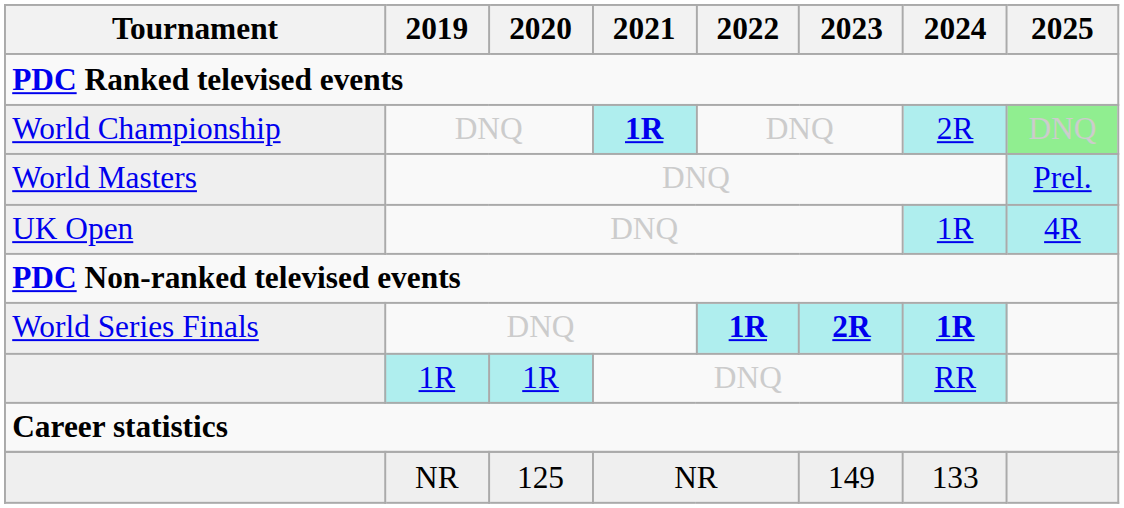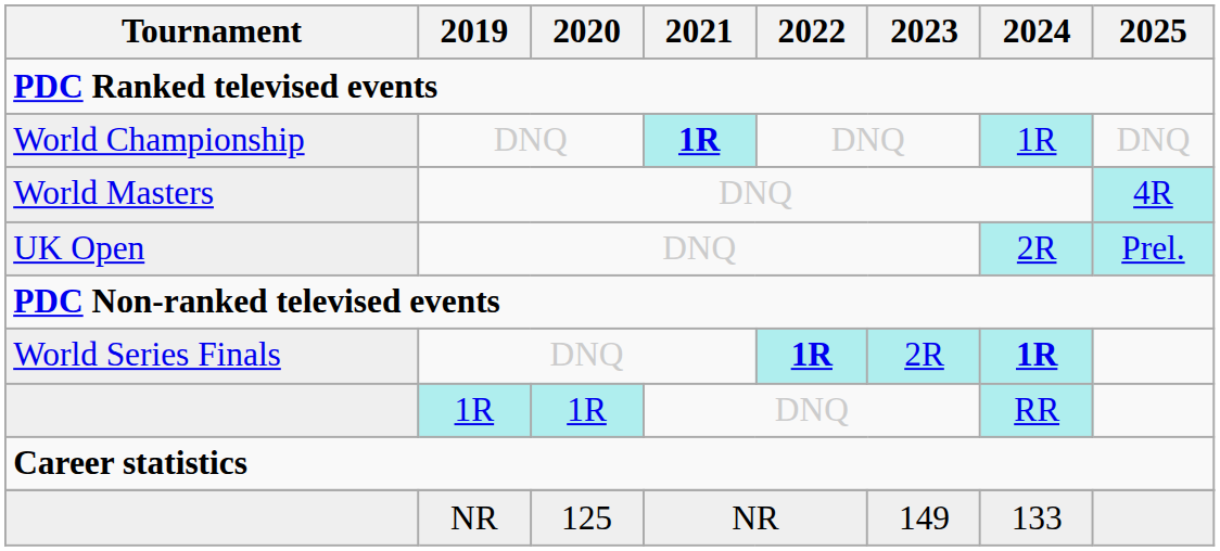 <table class="wikitable" style="width:45%; margin:0";font-size:100%>
 <tr>
 <th>Tournament</th>
 <th>2019</th>
 <th>2020</th>
 <th>2021</th>
 <th>2022</th>
 <th>2023</th>
 <th>2024</th>
 <th>2025</th>
 </tr>
 <tr>
 <td colspan="10" style="text-align:left"><strong><a href='#'>PDC</a> Ranked televised events</strong></td>
 </tr>
 <tr>
 <td style="background:#efefef;"><a href='#'>World Championship</a></td>
 <td colspan="2" style="text-align:center; color:#ccc;">DNQ</td>
 <td style="text-align:center; background:#afeeee;"><strong><a href='#'>1R</a></strong></td>
 <td colspan="2" style="text-align:center; color:#ccc;">DNQ</td>
-<td style="text-align:center; background:#afeeee;"><a href='#'>2R</a></td>
-<td style="background: lightgreen; text-align:center; color:#ccc;">DNQ</td>
+<td style="text-align:center; background:#afeeee;"><a href='#'>1R</a></td>
+<td style="text-align:center; color:#ccc;">DNQ</td>
 </tr>
 <tr>
 <td style="background:#efefef;"><a href='#'>World Masters</a></td>
 <td colspan="6" style="text-align:center; color:#ccc;">DNQ</td>
-<td style="text-align:center; background:#afeeee;"><a href='#'>Prel.</a></td>
+<td style="text-align:center; background:#afeeee;"><a href='#'>4R</a></td>
 </tr>
 <tr>
 <td style="background:#efefef;"><a href='#'>UK Open</a></td>
 <td colspan="5" style="text-align:center; color:#ccc;">DNQ</td>
-<td style="text-align:center; background:#afeeee;"><a href='#'>1R</a></td>
-<td style="text-align:center; background:#afeeee;"><a href='#'>4R</a></td>
+<td style="text-align:center; background:#afeeee;"><a href='#'>2R</a></td>
+<td style="text-align:center; background:#afeeee;"><a href='#'>Prel.</a></td>
 </tr>
 <tr>
 <td colspan="10" style="text-align:left"><strong><a href='#'>PDC</a> Non-ranked televised events</strong></td>
 </tr>
 <tr>
 <td style="background:#efefef;"><a href='#'>World Series Finals</a></td>
 <td colspan="3" style="text-align:center; color:#ccc;">DNQ</td>
 <td style="text-align:center; background:#afeeee;"><strong><a href='#'>1R</a></strong></td>
-<td style="text-align:center; background:#afeeee;"><strong><a href='#'>2R</a></strong></td>
+<td style="text-align:center; background:#afeeee;"><a href='#'>2R</a></td>
 <td style="text-align:center; background:#afeeee;"><strong><a href='#'>1R</a></strong></td>
 <td></td>
 </tr>
 <tr>
 <td style="background:#efefef;"></td>
 <td style="text-align:center; background:#afeeee;"><a href='#'>1R</a></td>
 <td style="text-align:center; background:#afeeee;"><a href='#'>1R</a></td>
 <td colspan="3" style="text-align:center; color:#ccc;">DNQ</td>
 <td style="text-align:center; background:#afeeee;"><a href='#'>RR</a></td>
 <td></td>
 </tr>
 <tr>
 <td colspan="13" align="left"><strong>Career statistics</strong></td>
 </tr>
 <tr>
 </tr>
 <tr bgcolor="efefef">
 <td align="left"></td>
 <td style="text-align:center;">NR</td>
 <td style="text-align:center;">125</td>
 <td colspan="2" style="text-align:center;">NR</td>
 <td style="text-align:center;">149</td>
 <td style="text-align:center;">133</td>
 <td></td>
 </tr>
 </table>
